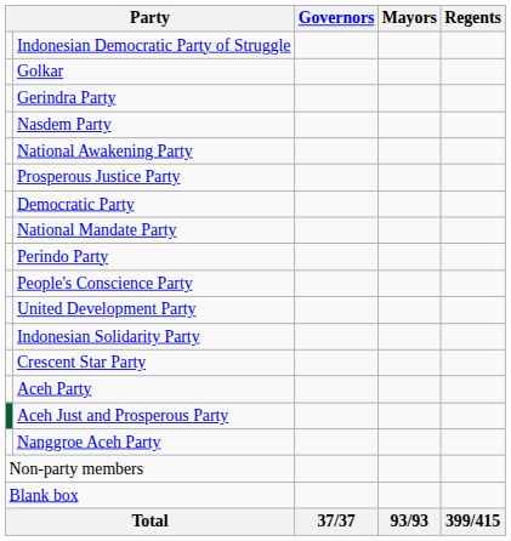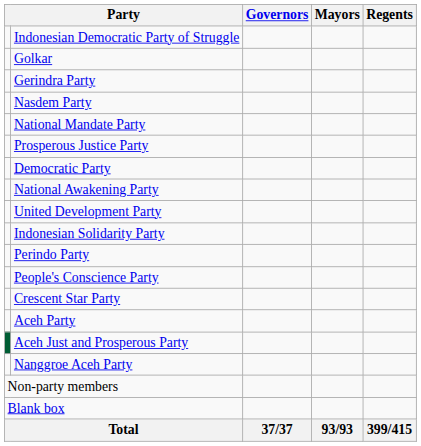 <table class="wikitable sortable">
 <tr>
 <th colspan=2>Party</th>
 <th><a href='#'>Governors</a></th>
 <th>Mayors</th>
 <th>Regents</th>
 </tr>
 <tr>
 <td style="background-color: "></td>
 <td><a href='#'>Indonesian Democratic Party of Struggle</a></td>
 <td></td>
 <td></td>
 <td></td>
 </tr>
 <tr>
 <td style="background-color: "></td>
 <td><a href='#'>Golkar</a></td>
 <td></td>
 <td></td>
 <td></td>
 </tr>
 <tr>
 <td style="background-color: "></td>
 <td><a href='#'>Gerindra Party</a></td>
 <td></td>
 <td></td>
 <td></td>
 </tr>
 <tr>
 <td style="background-color: "></td>
 <td><a href='#'>Nasdem Party</a></td>
 <td></td>
 <td></td>
 <td></td>
 </tr>
 <tr>
 <td style="background-color: "></td>
-<td><a href='#'>National Awakening Party</a></td>
+<td><a href='#'>National Mandate Party</a></td>
 <td></td>
 <td></td>
 <td></td>
 </tr>
 <tr>
 <td style="background-color: "></td>
 <td><a href='#'>Prosperous Justice Party</a></td>
 <td></td>
 <td></td>
 <td></td>
 </tr>
 <tr>
 <td style="background-color: "></td>
 <td><a href='#'>Democratic Party</a></td>
 <td></td>
 <td></td>
 <td></td>
 </tr>
 <tr>
 <td style="background-color: "></td>
-<td><a href='#'>National Mandate Party</a></td>
+<td><a href='#'>National Awakening Party</a></td>
+<td></td>
+<td></td>
+<td></td>
+</tr>
+<tr>
+<td style="background-color: "></td>
+<td><a href='#'>United Development Party</a></td>
+<td></td>
+<td></td>
+<td></td>
+</tr>
+<tr>
+<td style="background-color: "></td>
+<td><a href='#'>Indonesian Solidarity Party</a></td>
 <td></td>
 <td></td>
 <td></td>
 </tr>
 <tr>
 <td style="background-color: "></td>
 <td><a href='#'>Perindo Party</a></td>
 <td></td>
 <td></td>
 <td></td>
 </tr>
 <tr>
 <td style="background-color: "></td>
 <td><a href='#'>People's Conscience Party</a></td>
-<td></td>
-<td></td>
-<td></td>
-</tr>
-<tr>
-<td style="background-color: "></td>
-<td><a href='#'>United Development Party</a></td>
-<td></td>
-<td></td>
-<td></td>
-</tr>
-<tr>
-<td style="background-color: "></td>
-<td><a href='#'>Indonesian Solidarity Party</a></td>
 <td></td>
 <td></td>
 <td></td>
 </tr>
 <tr>
 <td style="background-color: "></td>
 <td><a href='#'>Crescent Star Party</a></td>
 <td></td>
 <td></td>
 <td></td>
 </tr>
 <tr>
 <td style="background-color: "></td>
 <td><a href='#'>Aceh Party</a></td>
 <td></td>
 <td></td>
 <td></td>
 </tr>
 <tr>
 <td style="background-color: #005D34"></td>
 <td><a href='#'>Aceh Just and Prosperous Party</a></td>
 <td></td>
 <td></td>
 <td></td>
 </tr>
 <tr>
 <td style="background-color: "></td>
 <td><a href='#'>Nanggroe Aceh Party</a></td>
 <td></td>
 <td></td>
 <td></td>
 </tr>
 <tr>
 <td colspan=2>Non-party members</td>
 <td></td>
 <td></td>
 <td></td>
 </tr>
 <tr>
 <td colspan=2><a href='#'>Blank box</a></td>
 <td></td>
 <td></td>
 <td></td>
 </tr>
 <tr>
 <th colspan=2><strong>Total</strong></th>
 <th>37/37</th>
 <th>93/93</th>
 <th>399/415</th>
 </tr>
 </table>
